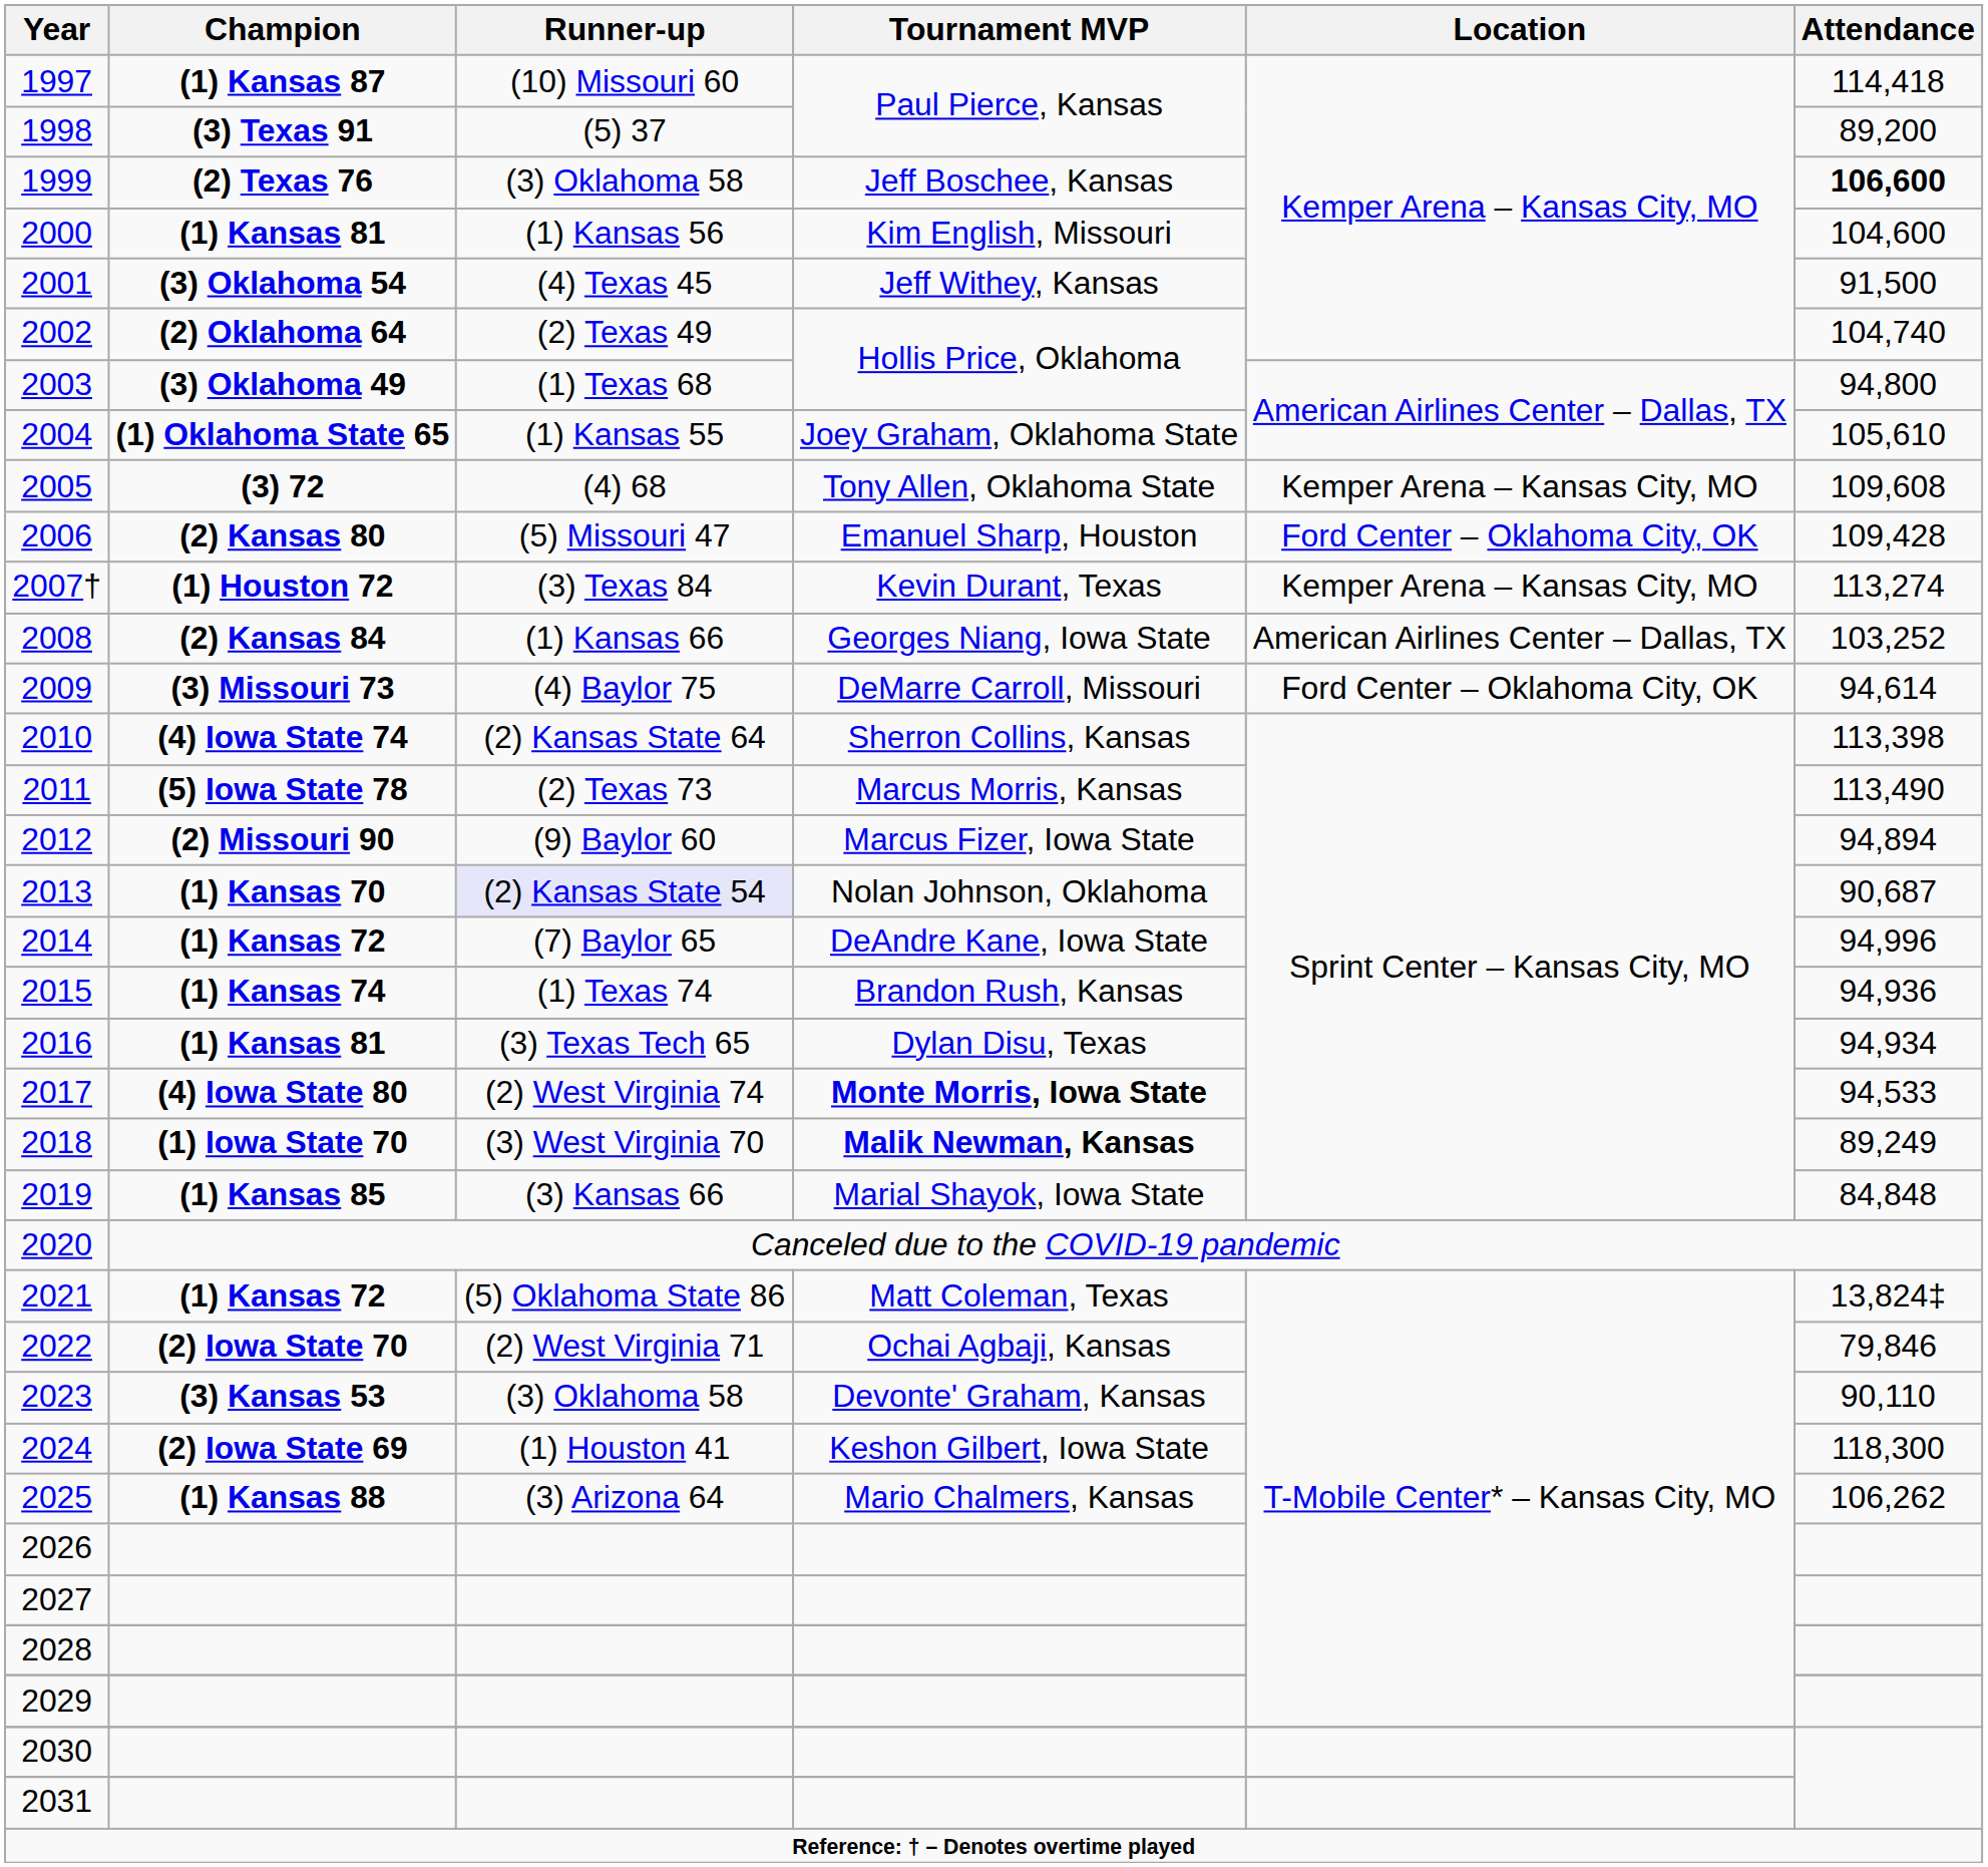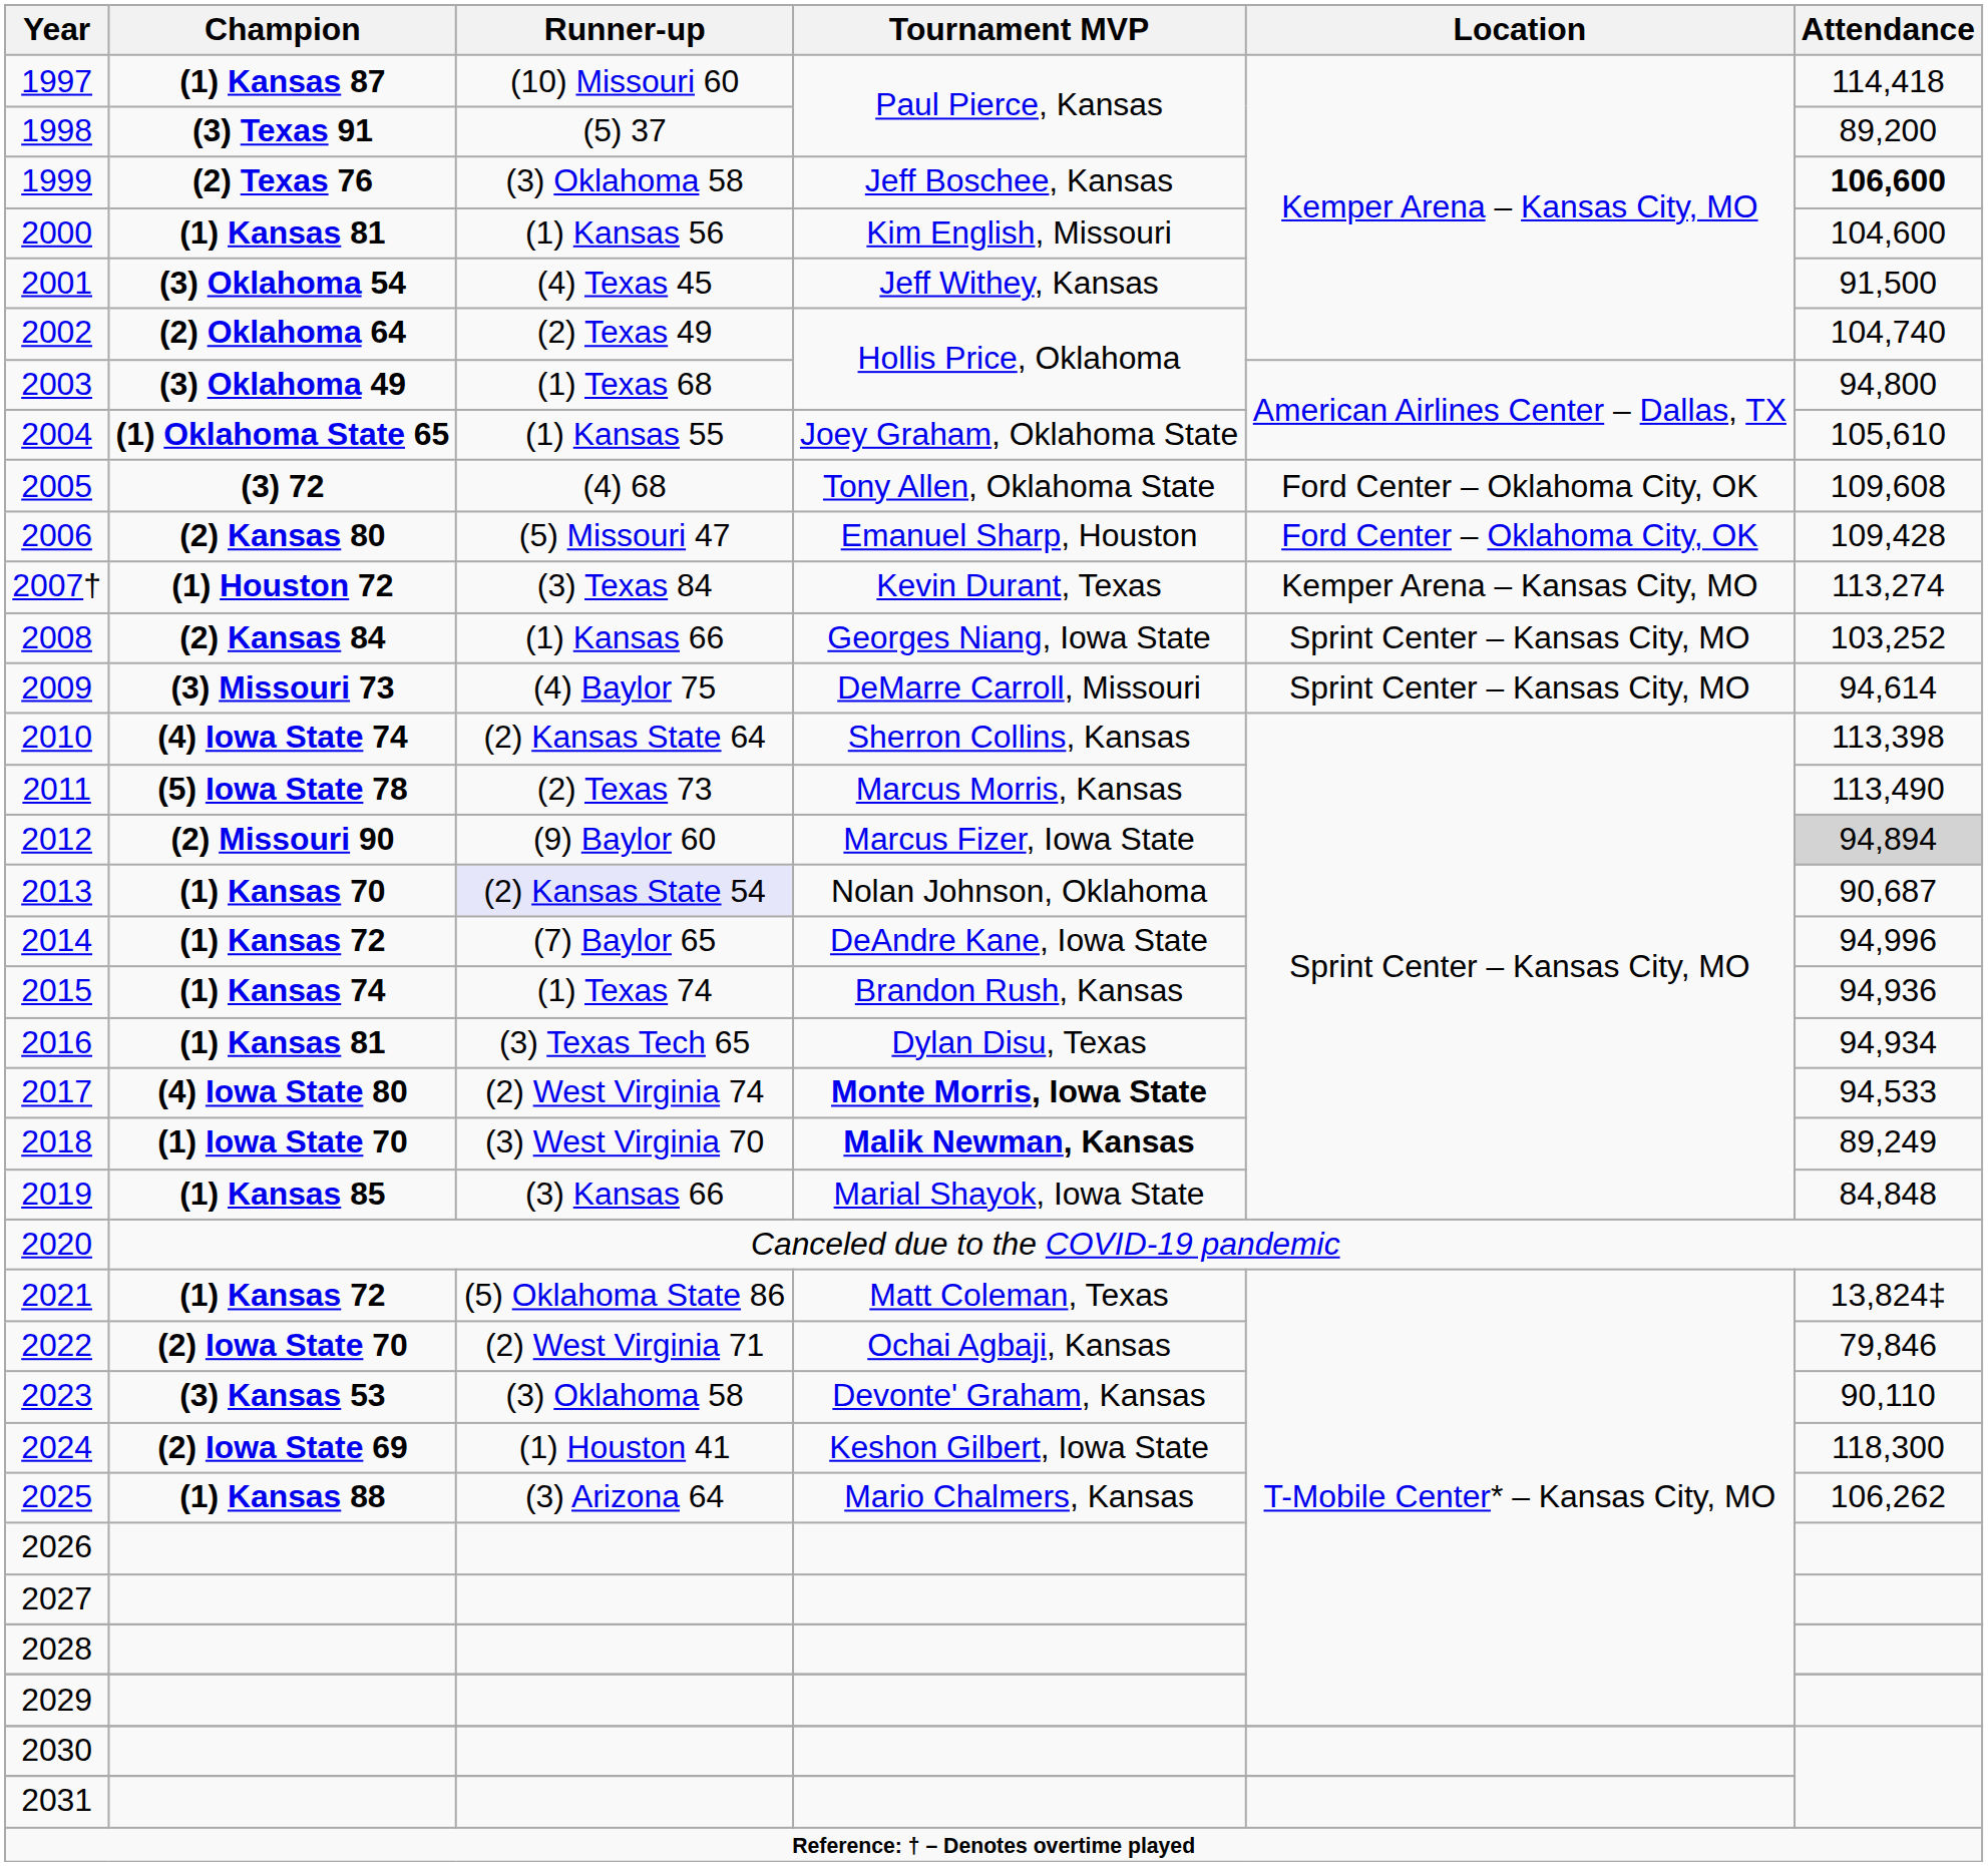 <table class="wikitable sortable" style="text-align:center">
 <tr>
 <th width=px>Year</th>
 <th width=px>Champion</th>
 <th width=px>Runner-up</th>
 <th width=px>Tournament MVP</th>
 <th width=px>Location</th>
 <th width=px>Attendance</th>
 </tr>
 <tr>
 <td><a href='#'>1997</a></td>
 <td><strong>(1) <a href='#'>Kansas</a> 87</strong></td>
 <td>(10) <a href='#'>Missouri</a> 60</td>
 <td rowspan="2"><a href='#'>Paul Pierce</a>, Kansas</td>
 <td rowspan="6"><a href='#'>Kemper Arena</a> – <a href='#'>Kansas City, MO</a></td>
 <td>114,418</td>
 </tr>
 <tr>
 <td><a href='#'>1998</a></td>
 <td><strong>(3) <a href='#'>Texas</a> 91</strong></td>
 <td>(5)  37</td>
 <td>89,200</td>
 </tr>
 <tr>
 <td><a href='#'>1999</a></td>
 <td><strong>(2) <a href='#'>Texas</a> 76</strong></td>
 <td>(3) <a href='#'>Oklahoma</a> 58</td>
 <td><a href='#'>Jeff Boschee</a>, Kansas</td>
 <td><strong>106,600</strong></td>
 </tr>
 <tr>
 <td><a href='#'>2000</a></td>
 <td><strong>(1) <a href='#'>Kansas</a> 81</strong></td>
 <td>(1) <a href='#'>Kansas</a> 56</td>
 <td><a href='#'>Kim English</a>, Missouri</td>
 <td>104,600</td>
 </tr>
 <tr>
 <td><a href='#'>2001</a></td>
 <td><strong>(3) <a href='#'>Oklahoma</a> 54</strong></td>
 <td>(4) <a href='#'>Texas</a> 45</td>
 <td><a href='#'>Jeff Withey</a>, Kansas</td>
 <td>91,500</td>
 </tr>
 <tr>
 <td><a href='#'>2002</a></td>
 <td><strong>(2) <a href='#'>Oklahoma</a> 64</strong></td>
 <td>(2) <a href='#'>Texas</a> 49</td>
 <td rowspan="2"><a href='#'>Hollis Price</a>, Oklahoma</td>
 <td>104,740</td>
 </tr>
 <tr>
 <td><a href='#'>2003</a></td>
 <td><strong>(3) <a href='#'>Oklahoma</a> 49</strong></td>
 <td>(1) <a href='#'>Texas</a> 68</td>
 <td rowspan="2"><a href='#'>American Airlines Center</a> – <a href='#'>Dallas</a>, <a href='#'>TX</a></td>
 <td>94,800</td>
 </tr>
 <tr>
 <td><a href='#'>2004</a></td>
 <td><strong>(1) <a href='#'>Oklahoma State</a> 65</strong></td>
 <td>(1) <a href='#'>Kansas</a> 55</td>
 <td><a href='#'>Joey Graham</a>, Oklahoma State</td>
 <td>105,610</td>
 </tr>
 <tr>
 <td><a href='#'>2005</a></td>
 <td><strong>(3)  72</strong></td>
 <td>(4)  68</td>
 <td><a href='#'>Tony Allen</a>, Oklahoma State</td>
-<td>Kemper Arena – Kansas City, MO</td>
+<td>Ford Center – Oklahoma City, OK</td>
 <td>109,608</td>
 </tr>
 <tr>
 <td><a href='#'>2006</a></td>
 <td><strong>(2) <a href='#'>Kansas</a> 80</strong></td>
 <td>(5) <a href='#'>Missouri</a> 47</td>
 <td><a href='#'>Emanuel Sharp</a>, Houston</td>
 <td><a href='#'>Ford Center</a> – <a href='#'>Oklahoma City, OK</a></td>
 <td>109,428</td>
 </tr>
 <tr>
 <td><a href='#'>2007</a>†</td>
 <td><strong>(1) <a href='#'>Houston</a> 72</strong></td>
 <td>(3) <a href='#'>Texas</a> 84</td>
 <td><a href='#'>Kevin Durant</a>, Texas</td>
 <td>Kemper Arena – Kansas City, MO</td>
 <td>113,274</td>
 </tr>
 <tr>
 <td><a href='#'>2008</a></td>
 <td><strong>(2) <a href='#'>Kansas</a> 84</strong></td>
 <td>(1) <a href='#'>Kansas</a> 66</td>
 <td><a href='#'>Georges Niang</a>, Iowa State</td>
-<td>American Airlines Center – Dallas, TX</td>
+<td>Sprint Center – Kansas City, MO</td>
 <td>103,252</td>
 </tr>
 <tr>
 <td><a href='#'>2009</a></td>
 <td><strong>(3) <a href='#'>Missouri</a> 73</strong></td>
 <td>(4) <a href='#'>Baylor</a> 75</td>
 <td><a href='#'>DeMarre Carroll</a>, Missouri</td>
-<td>Ford Center – Oklahoma City, OK</td>
+<td>Sprint Center – Kansas City, MO</td>
 <td>94,614</td>
 </tr>
 <tr>
 <td><a href='#'>2010</a></td>
 <td><strong>(4) <a href='#'>Iowa State</a> 74</strong></td>
 <td>(2) <a href='#'>Kansas State</a> 64</td>
 <td><a href='#'>Sherron Collins</a>, Kansas</td>
 <td rowspan="10">Sprint Center – Kansas City, MO</td>
 <td>113,398</td>
 </tr>
 <tr>
 <td><a href='#'>2011</a></td>
 <td><strong> (5) <a href='#'>Iowa State</a> 78</strong></td>
 <td>(2) <a href='#'>Texas</a> 73</td>
 <td><a href='#'>Marcus Morris</a>, Kansas</td>
 <td>113,490</td>
 </tr>
 <tr>
 <td><a href='#'>2012</a></td>
 <td><strong>(2) <a href='#'>Missouri</a> 90</strong></td>
 <td>(9) <a href='#'>Baylor</a> 60</td>
 <td><a href='#'>Marcus Fizer</a>, Iowa State</td>
-<td>94,894</td>
+<td style="background: lightgrey;">94,894</td>
 </tr>
 <tr>
 <td><a href='#'>2013</a></td>
 <td><strong>(1) <a href='#'>Kansas</a> 70</strong></td>
 <td style="background: lavender;">(2) <a href='#'>Kansas State</a> 54</td>
 <td>Nolan Johnson, Oklahoma</td>
 <td>90,687</td>
 </tr>
 <tr>
 <td><a href='#'>2014</a></td>
 <td><strong>(1) <a href='#'>Kansas</a> 72</strong></td>
 <td>(7) <a href='#'>Baylor</a> 65</td>
 <td><a href='#'>DeAndre Kane</a>, Iowa State</td>
 <td>94,996</td>
 </tr>
 <tr>
 <td><a href='#'>2015</a></td>
 <td><strong>(1) <a href='#'>Kansas</a> 74</strong></td>
 <td>(1) <a href='#'>Texas</a> 74</td>
 <td><a href='#'>Brandon Rush</a>, Kansas</td>
 <td>94,936</td>
 </tr>
 <tr>
 <td><a href='#'>2016</a></td>
 <td><strong>(1) <a href='#'>Kansas</a> 81 </strong></td>
 <td>(3) <a href='#'>Texas Tech</a> 65</td>
 <td><a href='#'>Dylan Disu</a>, Texas</td>
 <td>94,934</td>
 </tr>
 <tr>
 <td><a href='#'>2017</a></td>
 <td><strong>(4) <a href='#'>Iowa State</a> 80 </strong></td>
 <td>(2) <a href='#'>West Virginia</a> 74</td>
 <td><strong><a href='#'>Monte Morris</a>, Iowa State</strong></td>
 <td>94,533</td>
 </tr>
 <tr>
 <td><a href='#'>2018</a></td>
 <td><strong>(1) <a href='#'>Iowa State</a> 70</strong></td>
 <td>(3) <a href='#'>West Virginia</a> 70</td>
 <td><strong><a href='#'>Malik Newman</a>, Kansas</strong></td>
 <td>89,249</td>
 </tr>
 <tr>
 <td><a href='#'>2019</a></td>
 <td><strong>(1) <a href='#'>Kansas</a> 85</strong></td>
 <td>(3) <a href='#'>Kansas</a> 66</td>
 <td><a href='#'>Marial Shayok</a>, Iowa State</td>
 <td>84,848</td>
 </tr>
 <tr>
 <td><a href='#'>2020</a></td>
 <td colspan="6"><em>Canceled due to the <a href='#'>COVID-19 pandemic</a></em></td>
 </tr>
 <tr>
 <td><a href='#'>2021</a></td>
 <td><strong>(1) <a href='#'>Kansas</a> 72</strong></td>
 <td>(5) <a href='#'>Oklahoma State</a> 86</td>
 <td><a href='#'>Matt Coleman</a>, Texas</td>
 <td rowspan="11"><a href='#'>T-Mobile Center</a>* – Kansas City, MO</td>
 <td>13,824‡</td>
 </tr>
 <tr>
 <td><a href='#'>2022</a></td>
 <td><strong>(2) <a href='#'>Iowa State</a> 70</strong></td>
 <td>(2) <a href='#'>West Virginia</a> 71</td>
 <td><a href='#'>Ochai Agbaji</a>, Kansas</td>
 <td>79,846</td>
 </tr>
 <tr>
 <td><a href='#'>2023</a></td>
 <td><strong>(3) <a href='#'>Kansas</a> 53</strong></td>
 <td>(3) <a href='#'>Oklahoma</a> 58</td>
 <td><a href='#'>Devonte' Graham</a>, Kansas</td>
 <td>90,110</td>
 </tr>
 <tr>
 <td><a href='#'>2024</a></td>
 <td><strong>(2) <a href='#'>Iowa State</a> 69</strong></td>
 <td>(1) <a href='#'>Houston</a> 41</td>
 <td><a href='#'>Keshon Gilbert</a>, Iowa State</td>
 <td>118,300</td>
 </tr>
 <tr>
 <td><a href='#'>2025</a></td>
 <td><strong>(1) <a href='#'>Kansas</a> 88</strong></td>
 <td>(3) <a href='#'>Arizona</a> 64</td>
 <td><a href='#'>Mario Chalmers</a>, Kansas</td>
 <td>106,262</td>
 </tr>
 <tr>
 <td>2026</td>
 <td></td>
 <td></td>
 <td></td>
 <td></td>
 </tr>
 <tr>
 <td>2027</td>
 <td></td>
 <td></td>
 <td></td>
 <td></td>
 </tr>
 <tr>
 </tr>
 <tr>
 <td>2028</td>
 <td></td>
 <td></td>
 <td></td>
 <td></td>
 </tr>
 <tr>
 </tr>
 <tr>
 <td>2029</td>
 <td></td>
 <td></td>
 <td></td>
 <td></td>
 </tr>
 <tr>
 </tr>
 <tr>
 <td>2030</td>
 <td></td>
 <td></td>
 <td></td>
 <td></td>
 </tr>
 <tr>
 </tr>
 <tr>
 <td>2031</td>
 <td></td>
 <td></td>
 <td></td>
 <td></td>
 </tr>
 <tr>
 <td colspan="6"  style="font-size:8pt; text-align:center;"><strong>Reference: † – Denotes overtime played</strong></td>
 </tr>
 </table>
